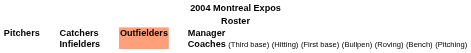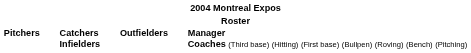 <table class="toccolours" style="font-size: 95%;">
 <tr>
 <th colspan="10">2004 Montreal Expos</th>
 </tr>
 <tr>
 <td colspan="10" style="text-align: center; "><strong>Roster</strong></td>
 </tr>
 <tr>
 <td valign="top"><strong>Pitchers</strong><br>                     </td>
 <td width="25px"></td>
 <td valign="top"><strong>Catchers</strong><br>  <strong>Infielders</strong>             </td>
 <td width="25px"></td>
-<td valign="top" style="background: lightsalmon;"><strong>Outfielders</strong><br>        </td>
+<td valign="top"><strong>Outfielders</strong><br>        </td>
 <td width="25px"></td>
 <td valign="top"><strong>Manager</strong><br> <strong>Coaches</strong>  <small>(Third base)</small>  <small>(Hitting)</small>  <small>(First base)</small>  <small>(Bullpen)</small>  <small>(Roving)</small>  <small>(Bench)</small>  <small>(Pitching)</small></td>
 </tr>
 </table>
